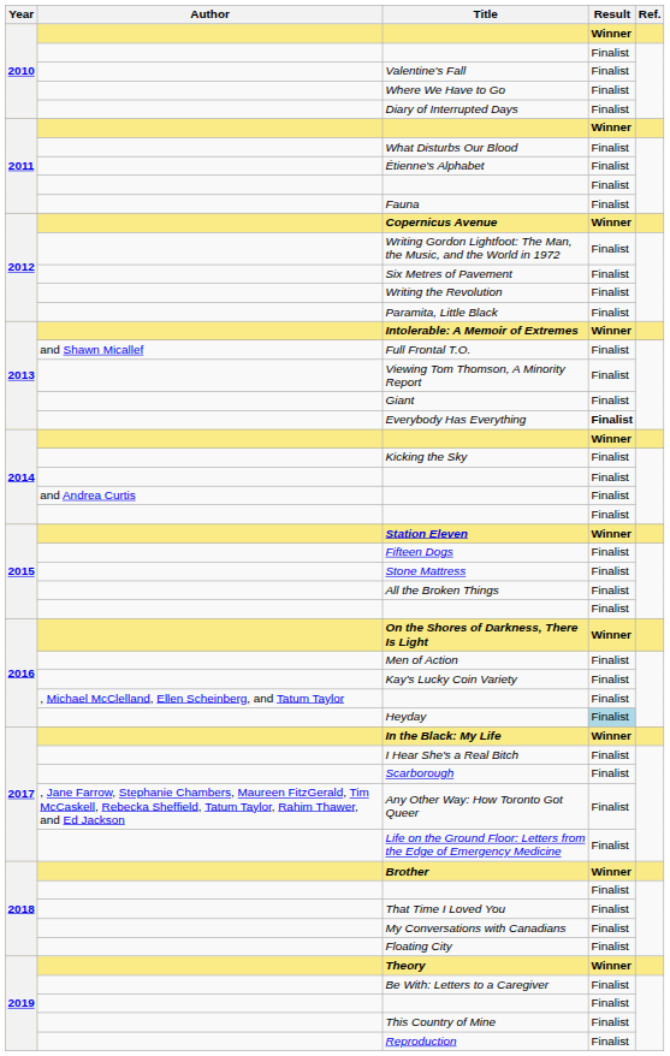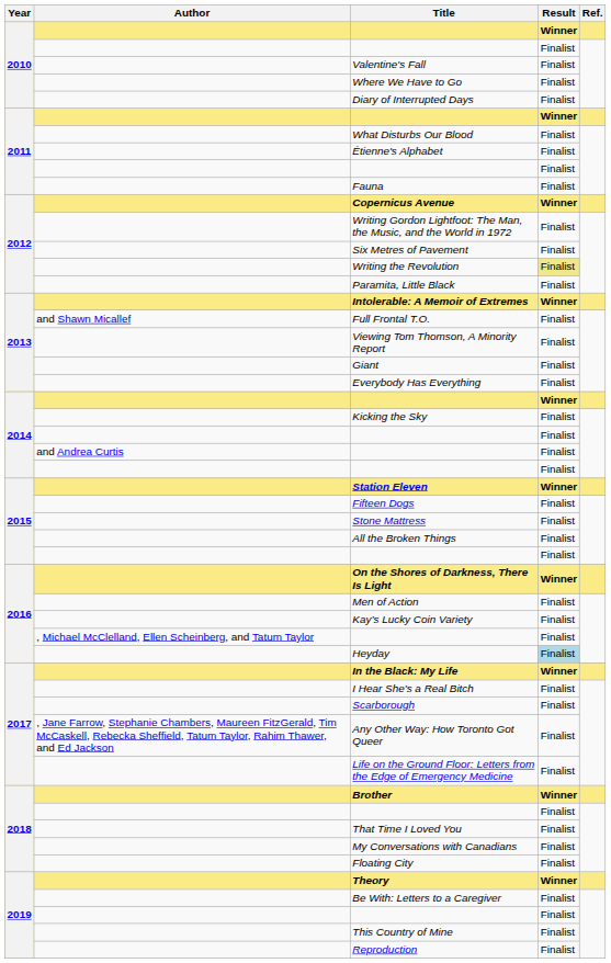 <table class="wikitable sortable mw-collapsible" width=100%>
 <tr>
 <th>Year</th>
 <th>Author</th>
 <th>Title</th>
 <th>Result</th>
 <th>Ref.</th>
 </tr>
 <tr style="background:#FAEB86">
 <th rowspan="5"><a href='#'>2010</a></th>
 <td><strong></strong></td>
 <td><strong><em></em></strong></td>
 <td><strong>Winner</strong></td>
 <td></td>
 </tr>
 <tr>
 <td></td>
 <td><em></em></td>
 <td>Finalist</td>
 <td rowspan=4></td>
 </tr>
 <tr>
 <td></td>
 <td><em>Valentine's Fall</em></td>
 <td>Finalist</td>
 </tr>
 <tr>
 <td></td>
 <td><em>Where We Have to Go</em></td>
 <td>Finalist</td>
 </tr>
 <tr>
 <td></td>
 <td><em>Diary of Interrupted Days</em></td>
 <td>Finalist</td>
 </tr>
 <tr style="background:#FAEB86">
 <th rowspan="5"><a href='#'>2011</a></th>
 <td><strong></strong></td>
 <td><strong><em></em></strong></td>
 <td><strong>Winner</strong></td>
 <td></td>
 </tr>
 <tr>
 <td></td>
 <td><em>What Disturbs Our Blood</em></td>
 <td>Finalist</td>
 <td rowspan=4></td>
 </tr>
 <tr>
 <td></td>
 <td><em>Étienne's Alphabet</em></td>
 <td>Finalist</td>
 </tr>
 <tr>
 <td></td>
 <td><em></em></td>
 <td>Finalist</td>
 </tr>
 <tr>
 <td></td>
 <td><em>Fauna</em></td>
 <td>Finalist</td>
 </tr>
 <tr style="background:#FAEB86">
 <th rowspan="5"><a href='#'>2012</a></th>
 <td><strong></strong></td>
 <td><strong><em>Copernicus Avenue</em></strong></td>
 <td><strong>Winner</strong></td>
 <td></td>
 </tr>
 <tr>
 <td></td>
 <td><em>Writing Gordon Lightfoot: The Man, the Music, and the World in 1972</em></td>
 <td>Finalist</td>
 <td rowspan=4></td>
 </tr>
 <tr>
 <td></td>
 <td><em>Six Metres of Pavement</em></td>
 <td>Finalist</td>
 </tr>
 <tr>
 <td></td>
 <td><em>Writing the Revolution</em></td>
-<td>Finalist</td>
+<td style="background: khaki;">Finalist</td>
 </tr>
 <tr>
 <td></td>
 <td><em>Paramita, Little Black</em></td>
 <td>Finalist</td>
 </tr>
 <tr style="background:#FAEB86">
 <th rowspan="5"><a href='#'>2013</a></th>
 <td><strong></strong></td>
 <td><strong><em>Intolerable: A Memoir of Extremes</em></strong></td>
 <td><strong>Winner</strong></td>
 <td></td>
 </tr>
 <tr>
 <td> and <a href='#'>Shawn Micallef</a></td>
 <td><em>Full Frontal T.O.</em></td>
 <td>Finalist</td>
 <td rowspan=4></td>
 </tr>
 <tr>
 <td></td>
 <td><em>Viewing Tom Thomson, A Minority Report</em></td>
 <td>Finalist</td>
 </tr>
 <tr>
 <td></td>
 <td><em>Giant</em></td>
 <td>Finalist</td>
 </tr>
 <tr>
 <td></td>
 <td><em>Everybody Has Everything</em></td>
-<td><strong>Finalist</strong></td>
+<td>Finalist</td>
 </tr>
 <tr style="background:#FAEB86">
 <th rowspan="5"><a href='#'>2014</a></th>
 <td><strong></strong></td>
 <td><strong><em></em></strong></td>
 <td><strong>Winner</strong></td>
 <td></td>
 </tr>
 <tr>
 <td></td>
 <td><em>Kicking the Sky</em></td>
 <td>Finalist</td>
 <td rowspan=4></td>
 </tr>
 <tr>
 <td></td>
 <td><em></em></td>
 <td>Finalist</td>
 </tr>
 <tr>
 <td> and <a href='#'>Andrea Curtis</a></td>
 <td><em></em></td>
 <td>Finalist</td>
 </tr>
 <tr>
 <td></td>
 <td><em></em></td>
 <td>Finalist</td>
 </tr>
 <tr style="background:#FAEB86">
 <th rowspan="5"><a href='#'>2015</a></th>
 <td><strong></strong></td>
 <td><strong><em><a href='#'>Station Eleven</a></em></strong></td>
 <td><strong>Winner</strong></td>
 <td></td>
 </tr>
 <tr>
 <td></td>
 <td><em><a href='#'>Fifteen Dogs</a></em></td>
 <td>Finalist</td>
 <td rowspan=4></td>
 </tr>
 <tr>
 <td></td>
 <td><em><a href='#'>Stone Mattress</a></em></td>
 <td>Finalist</td>
 </tr>
 <tr>
 <td></td>
 <td><em>All the Broken Things</em></td>
 <td>Finalist</td>
 </tr>
 <tr>
 <td></td>
 <td><em></em></td>
 <td>Finalist</td>
 </tr>
 <tr style="background:#FAEB86">
 <th rowspan="5"><a href='#'>2016</a></th>
 <td><strong></strong></td>
 <td><strong><em>On the Shores of Darkness, There Is Light</em></strong></td>
 <td><strong>Winner</strong></td>
 <td></td>
 </tr>
 <tr>
 <td></td>
 <td><em>Men of Action</em></td>
 <td>Finalist</td>
 <td rowspan=4></td>
 </tr>
 <tr>
 <td></td>
 <td><em>Kay’s Lucky Coin Variety</em></td>
 <td>Finalist</td>
 </tr>
 <tr>
 <td>, <a href='#'>Michael McClelland</a>, <a href='#'>Ellen Scheinberg</a>, and <a href='#'>Tatum Taylor</a></td>
 <td><em></em></td>
 <td>Finalist</td>
 </tr>
 <tr>
 <td></td>
 <td><em>Heyday</em></td>
 <td style="background: lightblue;">Finalist</td>
 </tr>
 <tr style="background:#FAEB86">
 <th rowspan="5"><a href='#'>2017</a></th>
 <td><strong></strong></td>
 <td><strong><em>In the Black: My Life</em></strong></td>
 <td><strong>Winner</strong></td>
 <td></td>
 </tr>
 <tr>
 <td></td>
 <td><em>I Hear She's a Real Bitch</em></td>
 <td>Finalist</td>
 <td rowspan=4></td>
 </tr>
 <tr>
 <td></td>
 <td><em><a href='#'>Scarborough</a></em></td>
 <td>Finalist</td>
 </tr>
 <tr>
 <td>, <a href='#'>Jane Farrow</a>, <a href='#'>Stephanie Chambers</a>, <a href='#'>Maureen FitzGerald</a>, <a href='#'>Tim McCaskell</a>, <a href='#'>Rebecka Sheffield</a>, <a href='#'>Tatum Taylor</a>, <a href='#'>Rahim Thawer</a>, and <a href='#'>Ed Jackson</a></td>
 <td><em>Any Other Way: How Toronto Got Queer</em></td>
 <td>Finalist</td>
 </tr>
 <tr>
 <td></td>
 <td><em><a href='#'>Life on the Ground Floor: Letters from the Edge of Emergency Medicine</a></em></td>
 <td>Finalist</td>
 </tr>
 <tr style="background:#FAEB86">
 <th rowspan="5"><a href='#'>2018</a></th>
 <td><strong></strong></td>
 <td><strong><em>Brother</em></strong></td>
 <td><strong>Winner</strong></td>
 <td></td>
 </tr>
 <tr>
 <td></td>
 <td><em></em></td>
 <td>Finalist</td>
 <td rowspan=4></td>
 </tr>
 <tr>
 <td></td>
 <td><em>That Time I Loved You</em></td>
 <td>Finalist</td>
 </tr>
 <tr>
 <td></td>
 <td><em>My Conversations with Canadians</em></td>
 <td>Finalist</td>
 </tr>
 <tr>
 <td></td>
 <td><em>Floating City</em></td>
 <td>Finalist</td>
 </tr>
 <tr style="background:#FAEB86">
 <th rowspan="5"><a href='#'>2019</a></th>
 <td><strong></strong></td>
 <td><strong><em>Theory</em></strong></td>
 <td><strong>Winner</strong></td>
 <td></td>
 </tr>
 <tr>
 <td></td>
 <td><em>Be With: Letters to a Caregiver</em></td>
 <td>Finalist</td>
 <td rowspan=4></td>
 </tr>
 <tr>
 <td></td>
 <td><em></em></td>
 <td>Finalist</td>
 </tr>
 <tr>
 <td></td>
 <td><em>This Country of Mine</em></td>
 <td>Finalist</td>
 </tr>
 <tr>
 <td></td>
 <td><em><a href='#'>Reproduction</a></em></td>
 <td>Finalist</td>
 </tr>
 </table>
